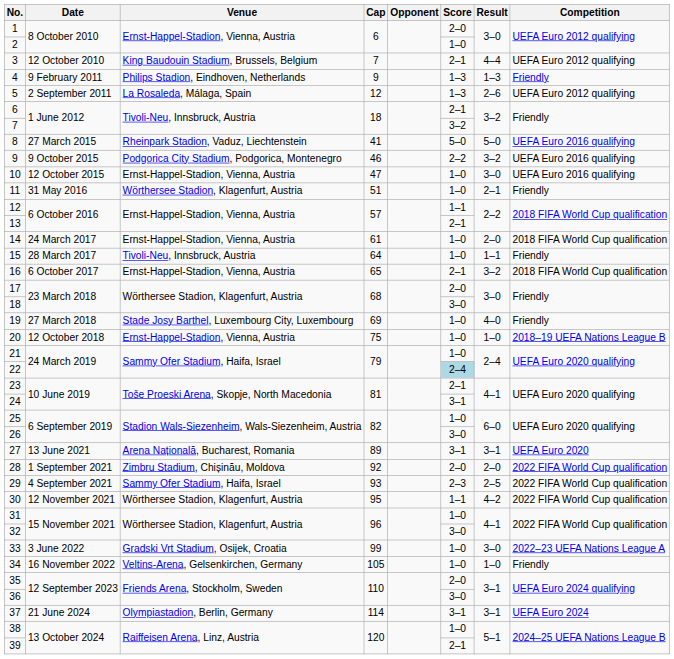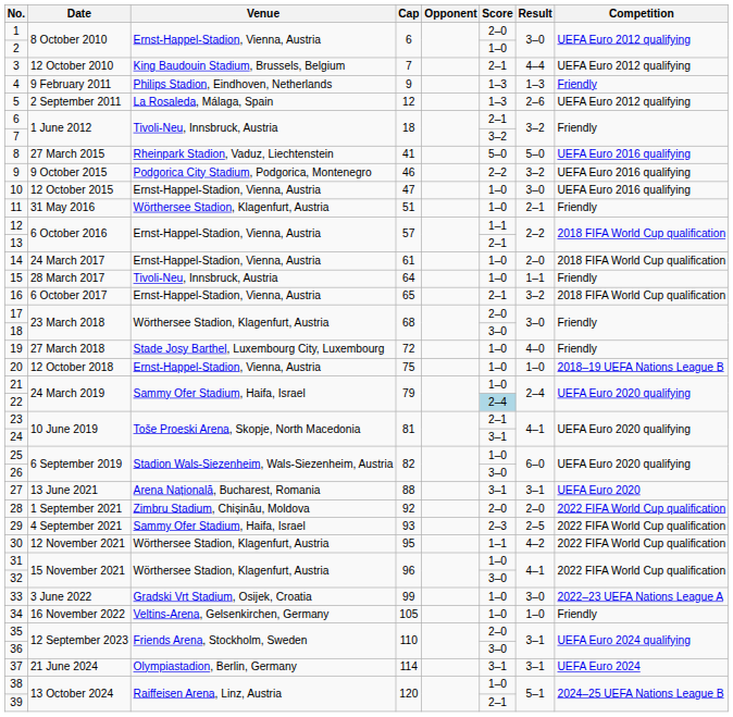 <table class="wikitable sortable">
 <tr>
 <th scope="col">No.</th>
 <th scope="col">Date</th>
 <th scope="col">Venue</th>
 <th scope="col">Cap</th>
 <th scope="col">Opponent</th>
 <th scope="col">Score</th>
 <th scope="col">Result</th>
 <th scope="col">Competition</th>
 </tr>
 <tr>
 <td align="center">1</td>
 <td rowspan="2">8 October 2010</td>
 <td rowspan="2"><a href='#'>Ernst-Happel-Stadion</a>, Vienna, Austria</td>
 <td rowspan="2" align="center">6</td>
 <td rowspan="2"></td>
 <td align="center">2–0</td>
 <td rowspan="2" align="center">3–0</td>
 <td rowspan="2"><a href='#'>UEFA Euro 2012 qualifying</a></td>
 </tr>
 <tr>
 <td align="center">2</td>
 <td align="center">1–0</td>
 </tr>
 <tr>
 <td align="center">3</td>
 <td>12 October 2010</td>
 <td><a href='#'>King Baudouin Stadium</a>, Brussels, Belgium</td>
 <td align="center">7</td>
 <td></td>
 <td align="center">2–1</td>
 <td align="center">4–4</td>
 <td>UEFA Euro 2012 qualifying</td>
 </tr>
 <tr>
 <td align="center">4</td>
 <td>9 February 2011</td>
 <td><a href='#'>Philips Stadion</a>, Eindhoven, Netherlands</td>
 <td align="center">9</td>
 <td></td>
 <td align="center">1–3</td>
 <td align="center">1–3</td>
 <td><a href='#'>Friendly</a></td>
 </tr>
 <tr>
 <td align="center">5</td>
 <td>2 September 2011</td>
 <td><a href='#'>La Rosaleda</a>, Málaga, Spain</td>
 <td align="center">12</td>
 <td></td>
 <td align="center">1–3</td>
 <td align="center">2–6</td>
 <td>UEFA Euro 2012 qualifying</td>
 </tr>
 <tr>
 <td align="center">6</td>
 <td rowspan="2">1 June 2012</td>
 <td rowspan="2"><a href='#'>Tivoli-Neu</a>, Innsbruck, Austria</td>
 <td rowspan="2" align="center">18</td>
 <td rowspan="2"></td>
 <td align="center">2–1</td>
 <td rowspan="2" align="center">3–2</td>
 <td rowspan="2">Friendly</td>
 </tr>
 <tr>
 <td align="center">7</td>
 <td align="center">3–2</td>
 </tr>
 <tr>
 <td align="center">8</td>
 <td>27 March 2015</td>
 <td><a href='#'>Rheinpark Stadion</a>, Vaduz, Liechtenstein</td>
 <td align="center">41</td>
 <td></td>
 <td align="center">5–0</td>
 <td align="center">5–0</td>
 <td><a href='#'>UEFA Euro 2016 qualifying</a></td>
 </tr>
 <tr>
 <td align="center">9</td>
 <td>9 October 2015</td>
 <td><a href='#'>Podgorica City Stadium</a>, Podgorica, Montenegro</td>
 <td align="center">46</td>
 <td></td>
 <td align="center">2–2</td>
 <td align="center">3–2</td>
 <td>UEFA Euro 2016 qualifying</td>
 </tr>
 <tr>
 <td align="center">10</td>
 <td>12 October 2015</td>
 <td>Ernst-Happel-Stadion, Vienna, Austria</td>
 <td align="center">47</td>
 <td></td>
 <td align="center">1–0</td>
 <td align="center">3–0</td>
 <td>UEFA Euro 2016 qualifying</td>
 </tr>
 <tr>
 <td align="center">11</td>
 <td>31 May 2016</td>
 <td><a href='#'>Wörthersee Stadion</a>, Klagenfurt, Austria</td>
 <td align="center">51</td>
 <td></td>
 <td align="center">1–0</td>
 <td align="center">2–1</td>
 <td>Friendly</td>
 </tr>
 <tr>
 <td align="center">12</td>
 <td rowspan="2">6 October 2016</td>
 <td rowspan="2">Ernst-Happel-Stadion, Vienna, Austria</td>
 <td rowspan="2" align="center">57</td>
 <td rowspan="2"></td>
 <td align="center">1–1</td>
 <td rowspan="2" align="center">2–2</td>
 <td rowspan="2"><a href='#'>2018 FIFA World Cup qualification</a></td>
 </tr>
 <tr>
 <td align="center">13</td>
 <td align="center">2–1</td>
 </tr>
 <tr>
 <td align="center">14</td>
 <td>24 March 2017</td>
 <td>Ernst-Happel-Stadion, Vienna, Austria</td>
 <td align="center">61</td>
 <td></td>
 <td align="center">1–0</td>
 <td align="center">2–0</td>
 <td>2018 FIFA World Cup qualification</td>
 </tr>
 <tr>
 <td align="center">15</td>
 <td>28 March 2017</td>
 <td><a href='#'>Tivoli-Neu</a>, Innsbruck, Austria</td>
 <td align="center">64</td>
 <td></td>
 <td align="center">1–0</td>
 <td align="center">1–1</td>
 <td>Friendly</td>
 </tr>
 <tr>
 <td align="center">16</td>
 <td>6 October 2017</td>
 <td>Ernst-Happel-Stadion, Vienna, Austria</td>
 <td align="center">65</td>
 <td></td>
 <td align="center">2–1</td>
 <td align="center">3–2</td>
 <td>2018 FIFA World Cup qualification</td>
 </tr>
 <tr>
 <td align="center">17</td>
 <td rowspan="2">23 March 2018</td>
 <td rowspan="2">Wörthersee Stadion, Klagenfurt, Austria</td>
 <td rowspan="2" align="center">68</td>
 <td rowspan="2"></td>
 <td align="center">2–0</td>
 <td rowspan="2" align="center">3–0</td>
 <td rowspan="2">Friendly</td>
 </tr>
 <tr>
 <td align="center">18</td>
 <td align="center">3–0</td>
 </tr>
 <tr>
 <td align="center">19</td>
 <td>27 March 2018</td>
 <td><a href='#'>Stade Josy Barthel</a>, Luxembourg City, Luxembourg</td>
-<td align="center">69</td>
+<td align="center">72</td>
 <td></td>
 <td align="center">1–0</td>
 <td align="center">4–0</td>
 <td>Friendly</td>
 </tr>
 <tr>
 <td align="center">20</td>
 <td>12 October 2018</td>
 <td><a href='#'>Ernst-Happel-Stadion</a>, Vienna, Austria</td>
 <td align="center">75</td>
 <td></td>
 <td align="center">1–0</td>
 <td align="center">1–0</td>
 <td><a href='#'>2018–19 UEFA Nations League B</a></td>
 </tr>
 <tr>
 <td align="center">21</td>
 <td rowspan="2">24 March 2019</td>
 <td rowspan="2"><a href='#'>Sammy Ofer Stadium</a>, Haifa, Israel</td>
 <td rowspan="2" align="center">79</td>
 <td rowspan="2"></td>
 <td align="center">1–0</td>
 <td rowspan="2" align="center">2–4</td>
 <td rowspan="2"><a href='#'>UEFA Euro 2020 qualifying</a></td>
 </tr>
 <tr>
 <td align="center">22</td>
 <td align="center" style="background: lightblue;">2–4</td>
 </tr>
 <tr>
 <td align="center">23</td>
 <td rowspan="2">10 June 2019</td>
 <td rowspan="2"><a href='#'>Toše Proeski Arena</a>, Skopje, North Macedonia</td>
 <td rowspan="2" align="center">81</td>
 <td rowspan="2"></td>
 <td align="center">2–1</td>
 <td rowspan="2" align="center">4–1</td>
 <td rowspan="2">UEFA Euro 2020 qualifying</td>
 </tr>
 <tr>
 <td align="center">24</td>
 <td align="center">3–1</td>
 </tr>
 <tr>
 <td align="center">25</td>
 <td rowspan="2">6 September 2019</td>
 <td rowspan="2"><a href='#'>Stadion Wals-Siezenheim</a>, Wals-Siezenheim, Austria</td>
 <td rowspan="2" align="center">82</td>
 <td rowspan="2"></td>
 <td align="center">1–0</td>
 <td rowspan="2" align="center">6–0</td>
 <td rowspan="2">UEFA Euro 2020 qualifying</td>
 </tr>
 <tr>
 <td align="center">26</td>
 <td align="center">3–0</td>
 </tr>
 <tr>
 <td align="center">27</td>
 <td>13 June 2021</td>
 <td><a href='#'>Arena Națională</a>, Bucharest, Romania</td>
-<td align="center">89</td>
+<td align="center">88</td>
 <td></td>
 <td align="center">3–1</td>
 <td align="center">3–1</td>
 <td><a href='#'>UEFA Euro 2020</a></td>
 </tr>
 <tr>
 <td align="center">28</td>
 <td>1 September 2021</td>
 <td><a href='#'>Zimbru Stadium</a>, Chișinău, Moldova</td>
 <td align="center">92</td>
 <td></td>
 <td align="center">2–0</td>
 <td align="center">2–0</td>
 <td><a href='#'>2022 FIFA World Cup qualification</a></td>
 </tr>
 <tr>
 <td align="center">29</td>
 <td>4 September 2021</td>
 <td><a href='#'>Sammy Ofer Stadium</a>, Haifa, Israel</td>
 <td align="center">93</td>
 <td></td>
 <td align="center">2–3</td>
 <td align="center">2–5</td>
 <td>2022 FIFA World Cup qualification</td>
 </tr>
 <tr>
 <td align="center">30</td>
 <td>12 November 2021</td>
 <td>Wörthersee Stadion, Klagenfurt, Austria</td>
 <td align="center">95</td>
 <td></td>
 <td align="center">1–1</td>
 <td align="center">4–2</td>
 <td>2022 FIFA World Cup qualification</td>
 </tr>
 <tr>
 <td align="center">31</td>
 <td rowspan="2">15 November 2021</td>
 <td rowspan="2">Wörthersee Stadion, Klagenfurt, Austria</td>
 <td rowspan="2" align="center">96</td>
 <td rowspan="2"></td>
 <td align="center">1–0</td>
 <td rowspan="2" align="center">4–1</td>
 <td rowspan="2">2022 FIFA World Cup qualification</td>
 </tr>
 <tr>
 <td align="center">32</td>
 <td align="center">3–0</td>
 </tr>
 <tr>
 <td align="center">33</td>
 <td>3 June 2022</td>
 <td><a href='#'>Gradski Vrt Stadium</a>, Osijek, Croatia</td>
 <td align="center">99</td>
 <td></td>
 <td align="center">1–0</td>
 <td align="center">3–0</td>
 <td><a href='#'>2022–23 UEFA Nations League A</a></td>
 </tr>
 <tr>
 <td align="center">34</td>
 <td>16 November 2022</td>
 <td><a href='#'>Veltins-Arena</a>, Gelsenkirchen, Germany</td>
 <td align="center">105</td>
 <td></td>
 <td align="center">1–0</td>
 <td align="center">1–0</td>
 <td>Friendly</td>
 </tr>
 <tr>
 <td align="center">35</td>
 <td rowspan="2">12 September 2023</td>
 <td rowspan="2"><a href='#'>Friends Arena</a>, Stockholm, Sweden</td>
 <td rowspan="2" align="center">110</td>
 <td rowspan="2"></td>
 <td align="center">2–0</td>
 <td rowspan="2" align="center">3–1</td>
 <td rowspan="2"><a href='#'>UEFA Euro 2024 qualifying</a></td>
 </tr>
 <tr>
 <td align="center">36</td>
 <td align="center">3–0</td>
 </tr>
 <tr>
 <td align="center">37</td>
 <td>21 June 2024</td>
 <td><a href='#'>Olympiastadion</a>, Berlin, Germany</td>
 <td align="center">114</td>
 <td></td>
 <td align="center">3–1</td>
 <td align="center">3–1</td>
 <td><a href='#'>UEFA Euro 2024</a></td>
 </tr>
 <tr>
 <td align="center">38</td>
 <td rowspan="2">13 October 2024</td>
 <td rowspan="2"><a href='#'>Raiffeisen Arena</a>, Linz, Austria</td>
 <td rowspan="2" align="center">120</td>
 <td rowspan="2"></td>
 <td align="center">1–0</td>
 <td rowspan="2" align="center">5–1</td>
 <td rowspan="2"><a href='#'>2024–25 UEFA Nations League B</a></td>
 </tr>
 <tr>
 <td align="center">39</td>
 <td align="center">2–1</td>
 </tr>
 </table>
